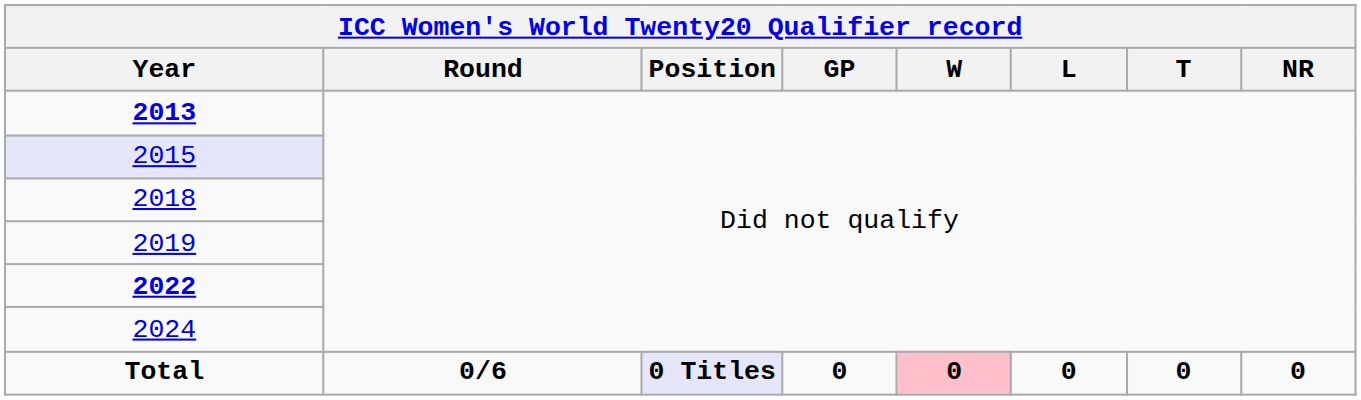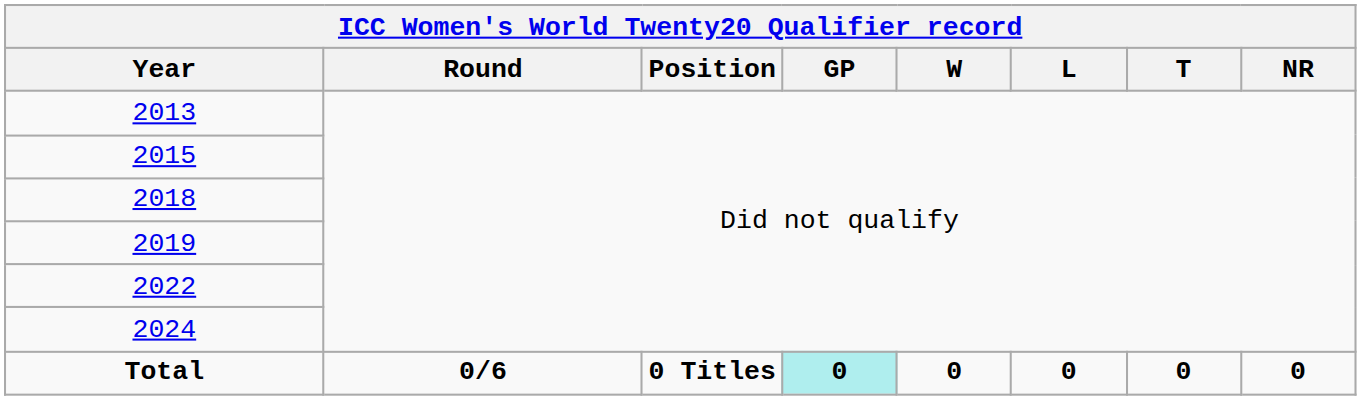 <table class="wikitable" style="text-align: center;">
 <tr>
 <th colspan=8><a href='#'>ICC Women's World Twenty20 Qualifier record</a></th>
 </tr>
 <tr>
 <th width=150>Year</th>
 <th width=150>Round</th>
 <th width=>Position</th>
 <th width=50>GP</th>
 <th width=50>W</th>
 <th width=50>L</th>
 <th width=50>T</th>
 <th width=50>NR</th>
 </tr>
 <tr>
-<td><strong> <a href='#'>2013</a></strong></td>
+<td> <a href='#'>2013</a></td>
 <td colspan=7  rowspan=6>Did not qualify</td>
 </tr>
 <tr>
-<td style="background: lavender;"> <a href='#'>2015</a></td>
+<td> <a href='#'>2015</a></td>
 </tr>
 <tr>
 <td> <a href='#'>2018</a></td>
 </tr>
 <tr>
 <td> <a href='#'>2019</a></td>
 </tr>
 <tr>
-<td><strong> <a href='#'>2022</a></strong></td>
+<td> <a href='#'>2022</a></td>
 </tr>
 <tr>
 <td> <a href='#'>2024</a></td>
 </tr>
 <tr>
 <td><strong>Total</strong></td>
 <td><strong>0/6</strong></td>
-<td style="background: lavender;"><strong>0 Titles</strong></td>
+<td><strong>0 Titles</strong></td>
+<td style="background: paleturquoise;"><strong>0</strong></td>
 <td><strong>0</strong></td>
-<td style="background: pink;"><strong>0</strong></td>
 <td><strong>0</strong></td>
 <td><strong>0</strong></td>
 <td><strong>0</strong></td>
 </tr>
 </table>
